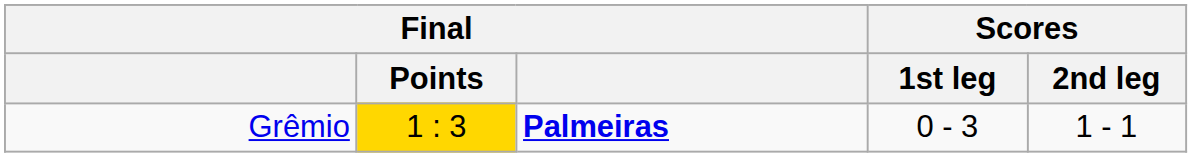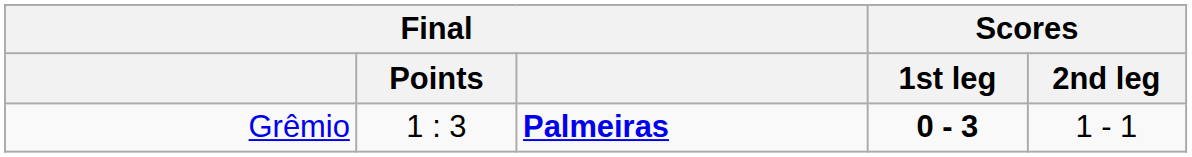 <table class="wikitable" style="text-align:center;">
 <tr>
 <th colspan=3>Final</th>
 <th colspan=3>Scores</th>
 </tr>
 <tr>
 <th width="175"></th>
 <th width="75">Points</th>
 <th width="175"></th>
 <th width="75">1st leg</th>
 <th width="75">2nd leg</th>
 </tr>
 <tr>
 <td align=right><a href='#'>Grêmio</a></td>
-<td style="background: gold;">1 : 3</td>
+<td>1 : 3</td>
 <td align=left><strong><a href='#'>Palmeiras</a></strong></td>
-<td>0 - 3</td>
+<td><strong>0 - 3</strong></td>
 <td>1 - 1</td>
 </tr>
 </table>
